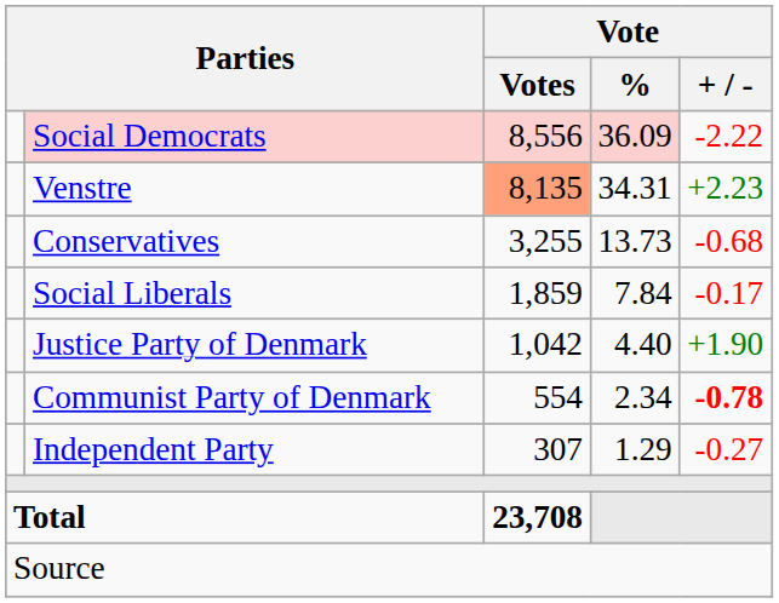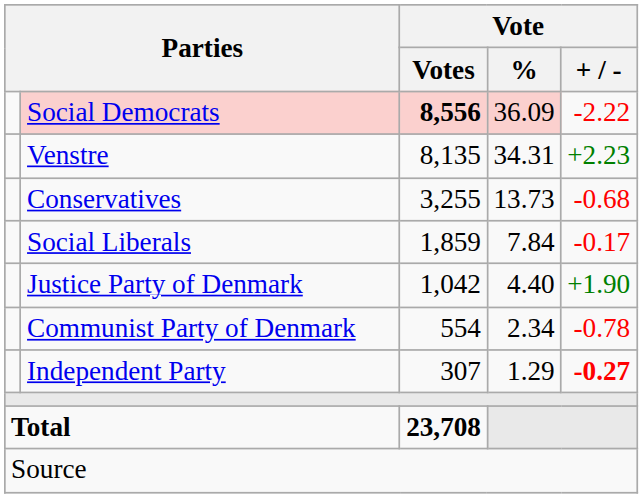 <table class="wikitable" style="text-align:right;">
 <tr>
 <th style="text-align:centre;" rowspan="2" colspan="2" width="225">Parties</th>
 <th colspan="3">Vote</th>
 </tr>
 <tr>
 <th width="15">Votes</th>
 <th width="15">%</th>
 <th width="15">+ / -</th>
 </tr>
 <tr>
 <td width="2" style="color:inherit;background:"></td>
 <td bgcolor=#fbd0ce  align="left"><a href='#'>Social Democrats</a></td>
-<td bgcolor=#fbd0ce>8,556</td>
+<td bgcolor=#fbd0ce><strong>8,556</strong></td>
 <td bgcolor=#fbd0ce>36.09</td>
 <td style=color:red;>-2.22</td>
 </tr>
 <tr>
 <td width="2" style="color:inherit;background:"></td>
 <td align="left"><a href='#'>Venstre</a></td>
-<td style="background: lightsalmon;">8,135</td>
+<td>8,135</td>
 <td>34.31</td>
 <td style=color:green;>+2.23</td>
 </tr>
 <tr>
 <td width="2" style="color:inherit;background:"></td>
 <td align="left"><a href='#'>Conservatives</a></td>
 <td>3,255</td>
 <td>13.73</td>
 <td style=color:red;>-0.68</td>
 </tr>
 <tr>
 <td width="2" style="color:inherit;background:"></td>
 <td align="left"><a href='#'>Social Liberals</a></td>
 <td>1,859</td>
 <td>7.84</td>
 <td style=color:red;>-0.17</td>
 </tr>
 <tr>
 <td width="2" style="color:inherit;background:"></td>
 <td align="left"><a href='#'>Justice Party of Denmark</a></td>
 <td>1,042</td>
 <td>4.40</td>
 <td style=color:green;>+1.90</td>
 </tr>
 <tr>
 <td width="2" style="color:inherit;background:"></td>
 <td align="left"><a href='#'>Communist Party of Denmark</a></td>
 <td>554</td>
 <td>2.34</td>
-<td style=color:red;><strong>-0.78</strong></td>
+<td style=color:red;>-0.78</td>
 </tr>
 <tr>
 <td width="2" style="color:inherit;background:"></td>
 <td align="left"><a href='#'>Independent Party</a></td>
 <td>307</td>
 <td>1.29</td>
-<td style=color:red;>-0.27</td>
+<td style=color:red;><strong>-0.27</strong></td>
 </tr>
 <tr>
 <td colspan="7" bgcolor="#E9E9E9"></td>
 </tr>
 <tr>
 <td align="left" colspan="2"><strong>Total</strong></td>
 <td><strong>23,708</strong></td>
 <td bgcolor="#E9E9E9" colspan="2"></td>
 </tr>
 <tr>
 <td align="left" colspan="6">Source</td>
 </tr>
 </table>
